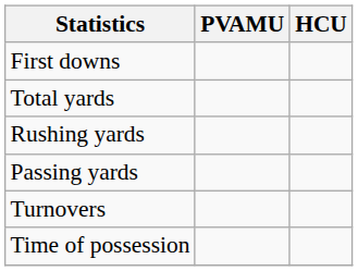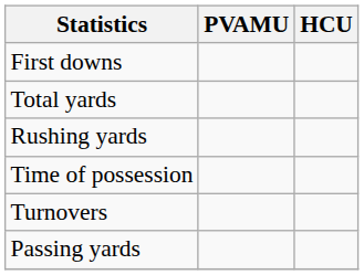 <table class="wikitable" style="float: left;">
 <tr>
 <th>Statistics</th>
 <th>PVAMU</th>
 <th>HCU</th>
 </tr>
 <tr>
 <td>First downs</td>
 <td></td>
 <td></td>
 </tr>
 <tr>
 <td>Total yards</td>
 <td></td>
 <td></td>
 </tr>
 <tr>
 <td>Rushing yards</td>
 <td></td>
 <td></td>
 </tr>
 <tr>
-<td>Passing yards</td>
+<td>Time of possession</td>
 <td></td>
 <td></td>
 </tr>
 <tr>
 <td>Turnovers</td>
 <td></td>
 <td></td>
 </tr>
 <tr>
-<td>Time of possession</td>
+<td>Passing yards</td>
 <td></td>
 <td></td>
 </tr>
 <tr>
 </tr>
 </table>
